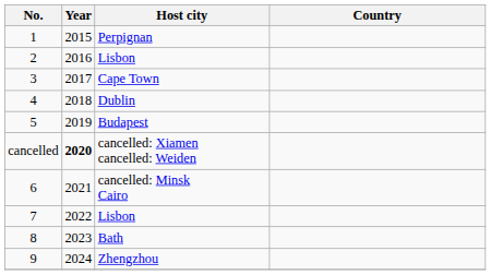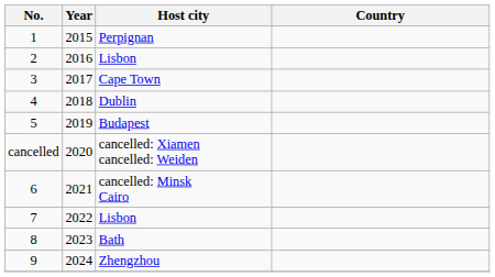 <table class="wikitable" style="font-size:100%">
 <tr>
 <th width=30>No.</th>
 <th width=30>Year</th>
 <th width=200>Host city</th>
 <th width=250>Country</th>
 </tr>
 <tr>
 <td align=center>1</td>
 <td align=center>2015</td>
 <td align=left><a href='#'>Perpignan</a></td>
 <td align=left></td>
 </tr>
 <tr>
 <td align=center>2</td>
 <td align=center>2016</td>
 <td align=left><a href='#'>Lisbon</a></td>
 <td align=left></td>
 </tr>
 <tr>
 <td align=center>3</td>
 <td align=center>2017</td>
 <td align=left><a href='#'>Cape Town</a></td>
 <td align=left></td>
 </tr>
 <tr>
 <td align=center>4</td>
 <td align=center>2018</td>
 <td align=left><a href='#'>Dublin</a></td>
 <td align=left></td>
 </tr>
 <tr>
 <td align=center>5</td>
 <td align=center>2019</td>
 <td align=left><a href='#'>Budapest</a></td>
 <td align=left></td>
 </tr>
 <tr>
 <td align=center>cancelled</td>
-<td align=center><strong>2020</strong></td>
+<td align=center>2020</td>
 <td align=left>cancelled: <a href='#'>Xiamen</a> <br> cancelled: <a href='#'>Weiden</a></td>
 <td align=left><br></td>
 </tr>
 <tr>
 <td align=center>6</td>
 <td align=center>2021</td>
 <td align=left>cancelled: <a href='#'>Minsk</a><br><a href='#'>Cairo</a></td>
 <td align=left><br></td>
 </tr>
 <tr>
 <td align=center>7</td>
 <td align=center>2022</td>
 <td align=left><a href='#'>Lisbon</a></td>
 <td align=left></td>
 </tr>
 <tr>
 <td align=center>8</td>
 <td align=center>2023</td>
 <td align=left><a href='#'>Bath</a></td>
 <td align=left></td>
 </tr>
 <tr>
 <td align=center>9</td>
 <td align=center>2024</td>
 <td align=left><a href='#'>Zhengzhou</a></td>
 <td align=left></td>
 </tr>
 <tr>
 </tr>
 </table>
